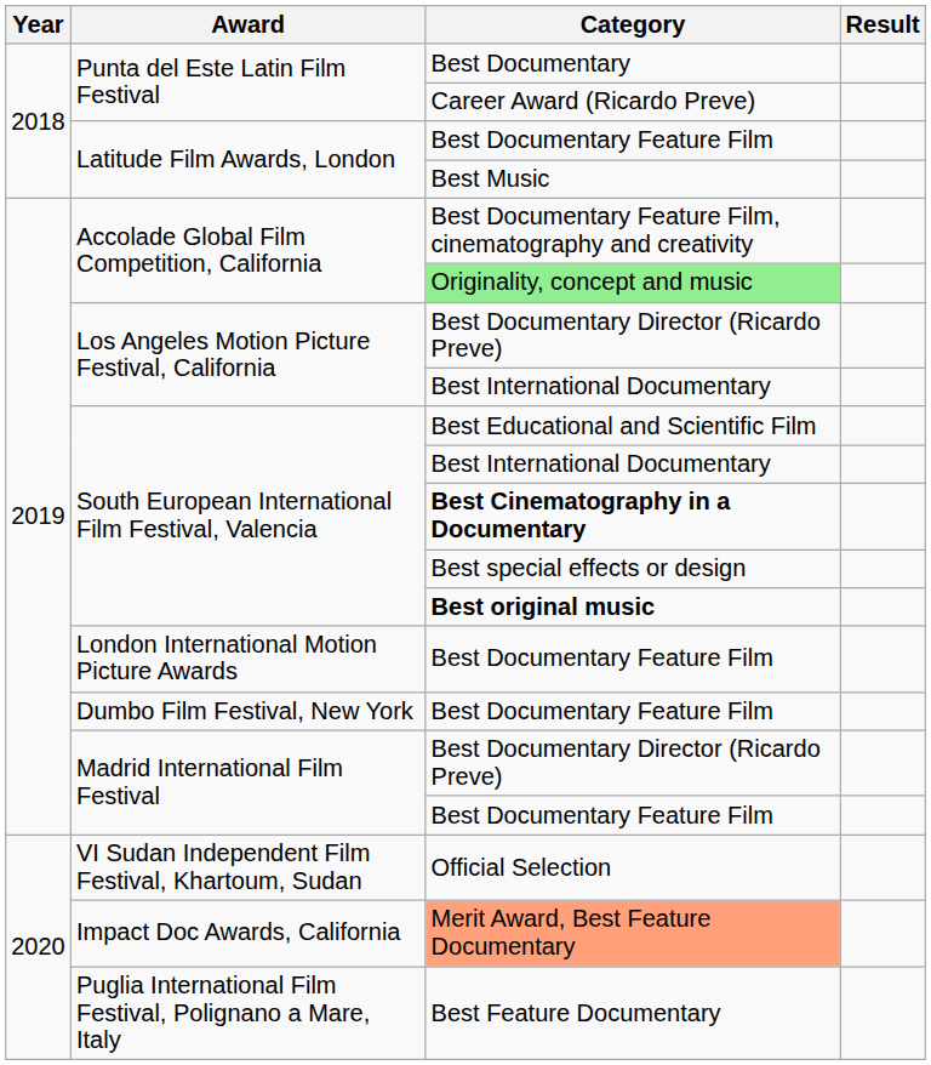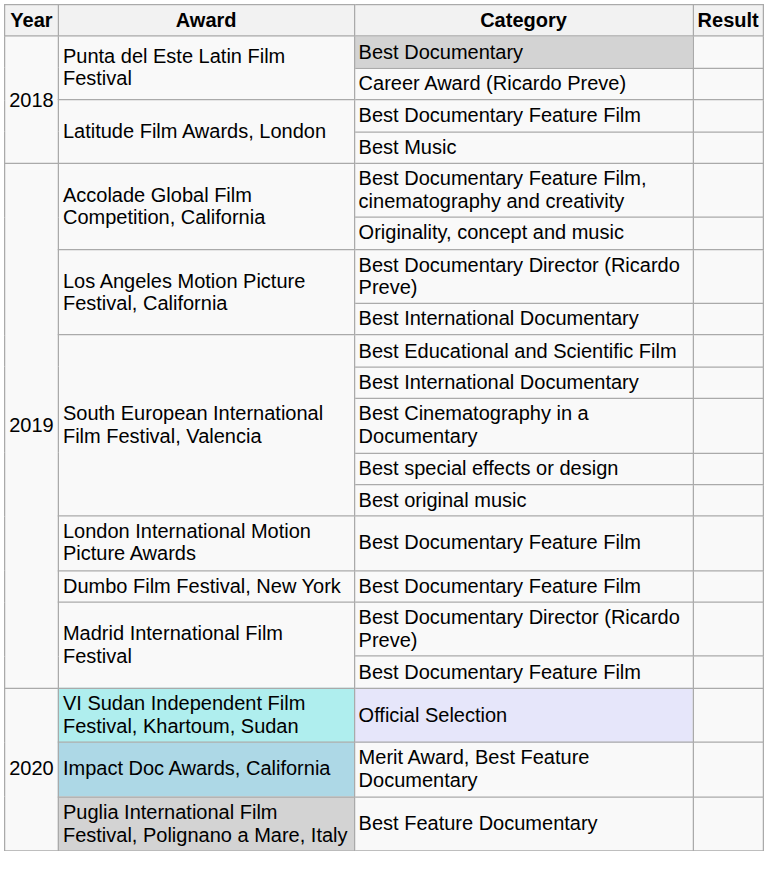 <table class="wikitable">
 <tr>
 <th>Year</th>
 <th>Award</th>
 <th>Category</th>
 <th>Result</th>
 </tr>
 <tr>
 <td rowspan="4">2018</td>
 <td rowspan="2">Punta del Este Latin Film Festival</td>
-<td>Best Documentary</td>
+<td style="background: lightgrey;">Best Documentary</td>
 <td></td>
 </tr>
 <tr>
 <td>Career Award (Ricardo Preve)</td>
 <td></td>
 </tr>
 <tr>
 <td rowspan="2">Latitude Film Awards, London</td>
 <td>Best Documentary Feature Film</td>
 <td></td>
 </tr>
 <tr>
 <td>Best Music</td>
 <td></td>
 </tr>
 <tr>
 <td rowspan="13">2019</td>
 <td rowspan="2">Accolade Global Film Competition, California</td>
 <td>Best Documentary Feature Film, cinematography and creativity</td>
 <td></td>
 </tr>
 <tr>
-<td style="background: lightgreen;">Originality, concept and music</td>
+<td>Originality, concept and music</td>
 <td></td>
 </tr>
 <tr>
 <td rowspan="2">Los Angeles Motion Picture Festival, California</td>
 <td>Best Documentary Director (Ricardo Preve)</td>
 <td></td>
 </tr>
 <tr>
 <td>Best International Documentary</td>
 <td></td>
 </tr>
 <tr>
 <td rowspan="5">South European International Film Festival, Valencia</td>
 <td>Best Educational and Scientific Film</td>
 <td></td>
 </tr>
 <tr>
 <td>Best International Documentary</td>
 <td></td>
 </tr>
 <tr>
-<td><strong>Best Cinematography in a Documentary</strong></td>
+<td>Best Cinematography in a Documentary</td>
 <td></td>
 </tr>
 <tr>
 <td>Best special effects or design</td>
 <td></td>
 </tr>
 <tr>
-<td><strong>Best original music</strong></td>
+<td>Best original music</td>
 <td></td>
 </tr>
 <tr>
 <td>London International Motion Picture Awards</td>
 <td>Best Documentary Feature Film</td>
 <td></td>
 </tr>
 <tr>
 <td>Dumbo Film Festival, New York</td>
 <td>Best Documentary Feature Film</td>
 <td></td>
 </tr>
 <tr>
 <td rowspan="2">Madrid International Film Festival</td>
 <td>Best Documentary Director (Ricardo Preve)</td>
 <td></td>
 </tr>
 <tr>
 <td>Best Documentary Feature Film</td>
 <td></td>
 </tr>
 <tr>
 <td rowspan="3">2020</td>
-<td>VI Sudan Independent Film Festival, Khartoum, Sudan</td>
-<td>Official Selection</td>
+<td style="background: paleturquoise;">VI Sudan Independent Film Festival, Khartoum, Sudan</td>
+<td style="background: lavender;">Official Selection</td>
 <td></td>
 </tr>
 <tr>
-<td>Impact Doc Awards, California</td>
-<td style="background: lightsalmon;">Merit Award, Best Feature Documentary</td>
+<td style="background: lightblue;">Impact Doc Awards, California</td>
+<td>Merit Award, Best Feature Documentary</td>
 <td></td>
 </tr>
 <tr>
-<td>Puglia International Film Festival, Polignano a Mare, Italy</td>
+<td style="background: lightgrey;">Puglia International Film Festival, Polignano a Mare, Italy</td>
 <td>Best Feature Documentary</td>
 <td></td>
 </tr>
 </table>
